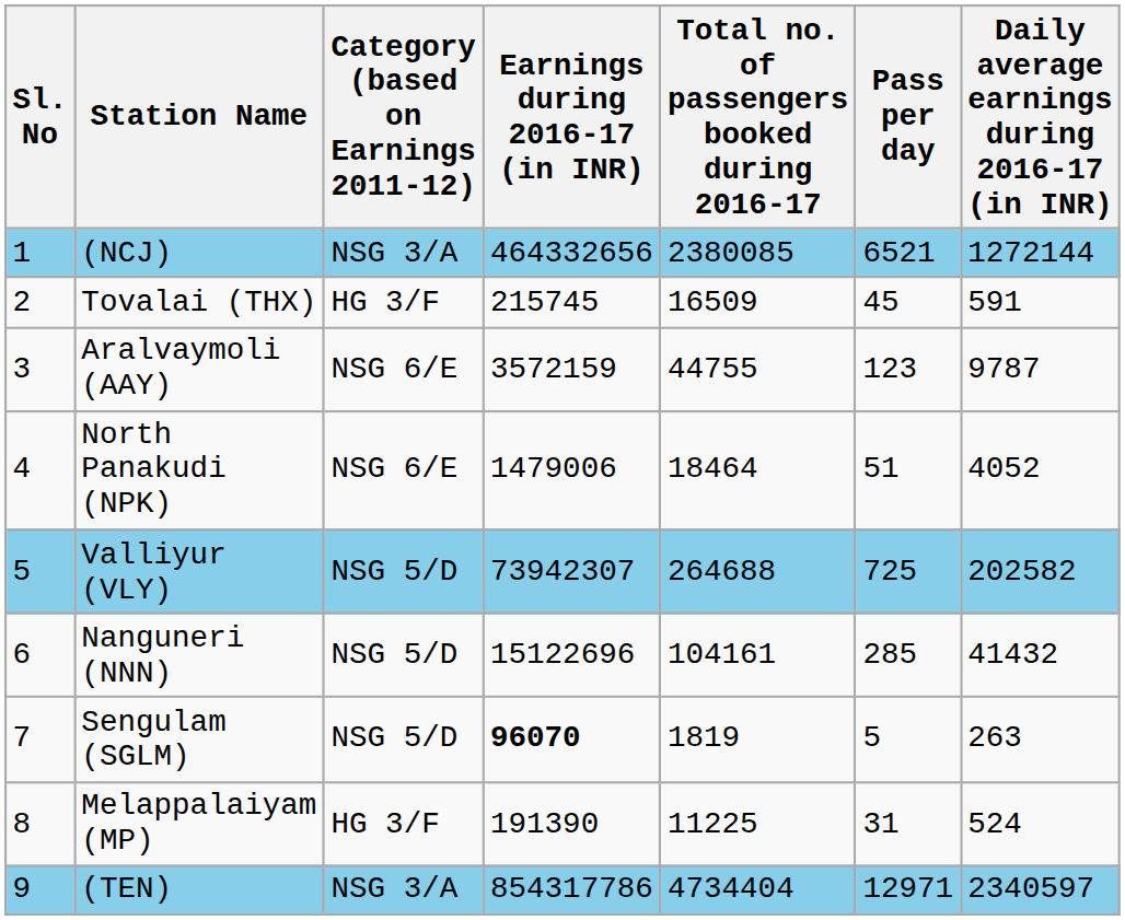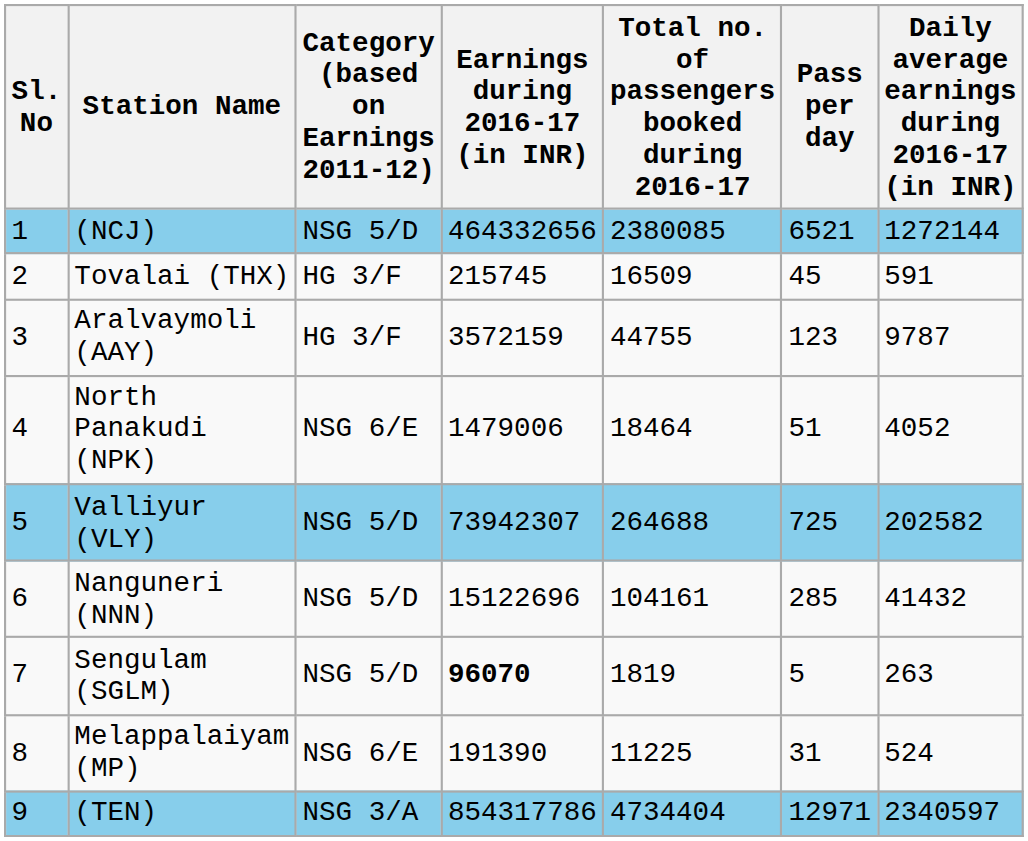 <table class="wikitable sortable" style="width:125px;">
 <tr>
 <th>Sl. No</th>
 <th>Station Name</th>
 <th>Category (based on Earnings 2011-12)</th>
 <th>Earnings during 2016-17 (in INR)</th>
 <th>Total no. of passengers booked during 2016-17</th>
 <th>Pass per day</th>
 <th>Daily average earnings during 2016-17 (in INR)</th>
 </tr>
 <tr>
 <td style="background: #87CEEB;">1</td>
 <td style="background: #87CEEB;"> (NCJ)</td>
-<td style="background: #87CEEB;">NSG 3/A</td>
+<td style="background: #87CEEB;">NSG 5/D</td>
 <td style="background: #87CEEB;">464332656</td>
 <td style="background: #87CEEB;">2380085</td>
 <td style="background: #87CEEB;">6521</td>
 <td style="background: #87CEEB;">1272144</td>
 </tr>
 <tr>
 <td>2</td>
 <td>Tovalai (THX)</td>
 <td>HG 3/F</td>
 <td>215745</td>
 <td>16509</td>
 <td>45</td>
 <td>591</td>
 </tr>
 <tr>
 <td>3</td>
 <td>Aralvaymoli (AAY)</td>
-<td>NSG 6/E</td>
+<td>HG 3/F</td>
 <td>3572159</td>
 <td>44755</td>
 <td>123</td>
 <td>9787</td>
 </tr>
 <tr>
 <td>4</td>
 <td>North Panakudi (NPK)</td>
 <td>NSG 6/E</td>
 <td>1479006</td>
 <td>18464</td>
 <td>51</td>
 <td>4052</td>
 </tr>
 <tr>
 <td style="background: #87CEEB;">5</td>
 <td style="background: #87CEEB;">Valliyur (VLY)</td>
 <td style="background: #87CEEB;">NSG 5/D</td>
 <td style="background: #87CEEB;">73942307</td>
 <td style="background: #87CEEB;">264688</td>
 <td style="background: #87CEEB;">725</td>
 <td style="background: #87CEEB;">202582</td>
 </tr>
 <tr>
 <td>6</td>
 <td>Nanguneri (NNN)</td>
 <td>NSG 5/D</td>
 <td>15122696</td>
 <td>104161</td>
 <td>285</td>
 <td>41432</td>
 </tr>
 <tr>
 <td>7</td>
 <td>Sengulam (SGLM)</td>
 <td>NSG 5/D</td>
 <td><strong>96070</strong></td>
 <td>1819</td>
 <td>5</td>
 <td>263</td>
 </tr>
 <tr>
 <td>8</td>
 <td>Melappalaiyam (MP)</td>
-<td>HG 3/F</td>
+<td>NSG 6/E</td>
 <td>191390</td>
 <td>11225</td>
 <td>31</td>
 <td>524</td>
 </tr>
 <tr>
 <td style="background: #87CEEB;">9</td>
 <td style="background: #87CEEB;"> (TEN)</td>
 <td style="background: #87CEEB;">NSG 3/A</td>
 <td style="background: #87CEEB;">854317786</td>
 <td style="background: #87CEEB;">4734404</td>
 <td style="background: #87CEEB;">12971</td>
 <td style="background: #87CEEB;">2340597</td>
 </tr>
 <tr>
 </tr>
 </table>
